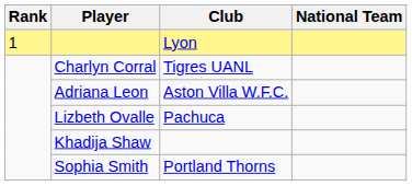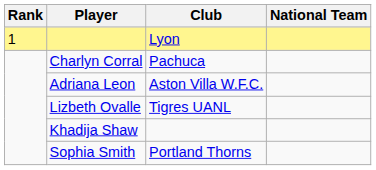 <table class="wikitable">
 <tr>
 <th>Rank</th>
 <th>Player</th>
 <th>Club</th>
 <th>National Team</th>
 </tr>
 <tr bgcolor="#FFF68F">
 <td>1</td>
 <td></td>
 <td> <a href='#'>Lyon</a></td>
 <td></td>
 </tr>
 <tr>
 <td rowspan=6></td>
 <td> <a href='#'>Charlyn Corral</a></td>
-<td> <a href='#'>Tigres UANL</a></td>
+<td> <a href='#'>Pachuca</a></td>
 <td></td>
 </tr>
 <tr>
 <td> <a href='#'>Adriana Leon</a></td>
 <td> <a href='#'>Aston Villa W.F.C.</a></td>
 <td></td>
 </tr>
 <tr>
 <td> <a href='#'>Lizbeth Ovalle</a></td>
-<td> <a href='#'>Pachuca</a></td>
+<td> <a href='#'>Tigres UANL</a></td>
 <td></td>
 </tr>
 <tr>
 <td> <a href='#'>Khadija Shaw</a></td>
 <td></td>
 <td></td>
 </tr>
 <tr>
 <td> <a href='#'>Sophia Smith</a></td>
 <td> <a href='#'>Portland Thorns</a></td>
 <td></td>
 </tr>
 </table>
